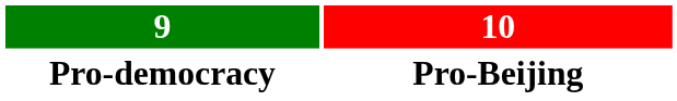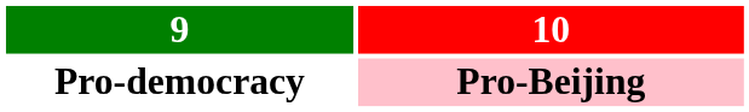 <table style="width:50%; text-align:center;">
 <tr style="color:white;">
 <td style="background:green; width:47.37%;"><strong>9</strong></td>
 <td style="background:red; width:52.63%;"><strong>10</strong></td>
 </tr>
 <tr>
 <td><span><strong>Pro-democracy</strong></span></td>
-<td><span><strong>Pro-Beijing</strong></span></td>
+<td style="background: pink;"><span><strong>Pro-Beijing</strong></span></td>
 </tr>
 </table>
